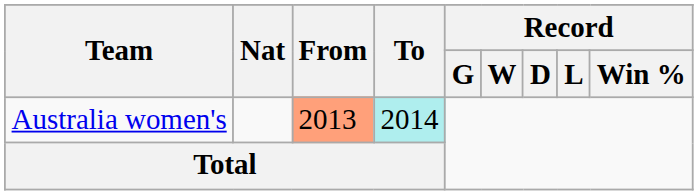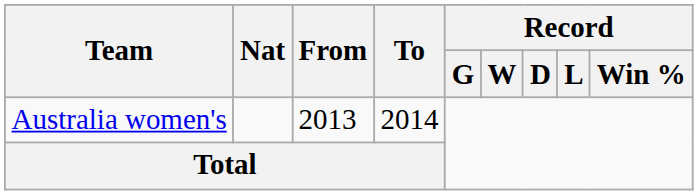 <table class="wikitable" style="text-align: center">
 <tr>
 <th rowspan=2>Team</th>
 <th rowspan=2>Nat</th>
 <th rowspan=2>From</th>
 <th rowspan=2>To</th>
 <th colspan=5>Record</th>
 </tr>
 <tr>
 <th>G</th>
 <th>W</th>
 <th>D</th>
 <th>L</th>
 <th>Win %</th>
 </tr>
 <tr>
 <td align=left><a href='#'>Australia women's</a></td>
 <td></td>
-<td align=left style="background: lightsalmon;">2013</td>
-<td align=left style="background: paleturquoise;">2014<br></td>
+<td align=left>2013</td>
+<td align=left>2014<br></td>
 </tr>
 <tr>
 <th colspan=4>Total<br></th>
 </tr>
 </table>
